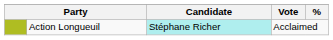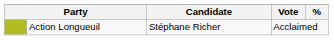 <table class="wikitable">
 <tr>
 </tr>
 <tr>
 <th bgcolor="#DDDDFF" width="230px" colspan="2">Party</th>
 <th bgcolor="#DDDDFF" width="200px">Candidate</th>
 <th bgcolor="#DDDDFF" width="50px">Vote</th>
 <th bgcolor="#DDDDFF" width="30px">%</th>
 </tr>
 <tr>
 <td bgcolor=#AFBD22 width="30px"> </td>
 <td>Action Longueuil</td>
-<td style="background: paleturquoise;">Stéphane Richer</td>
+<td>Stéphane Richer</td>
 <td colspan="2">Acclaimed</td>
 </tr>
 </table>
